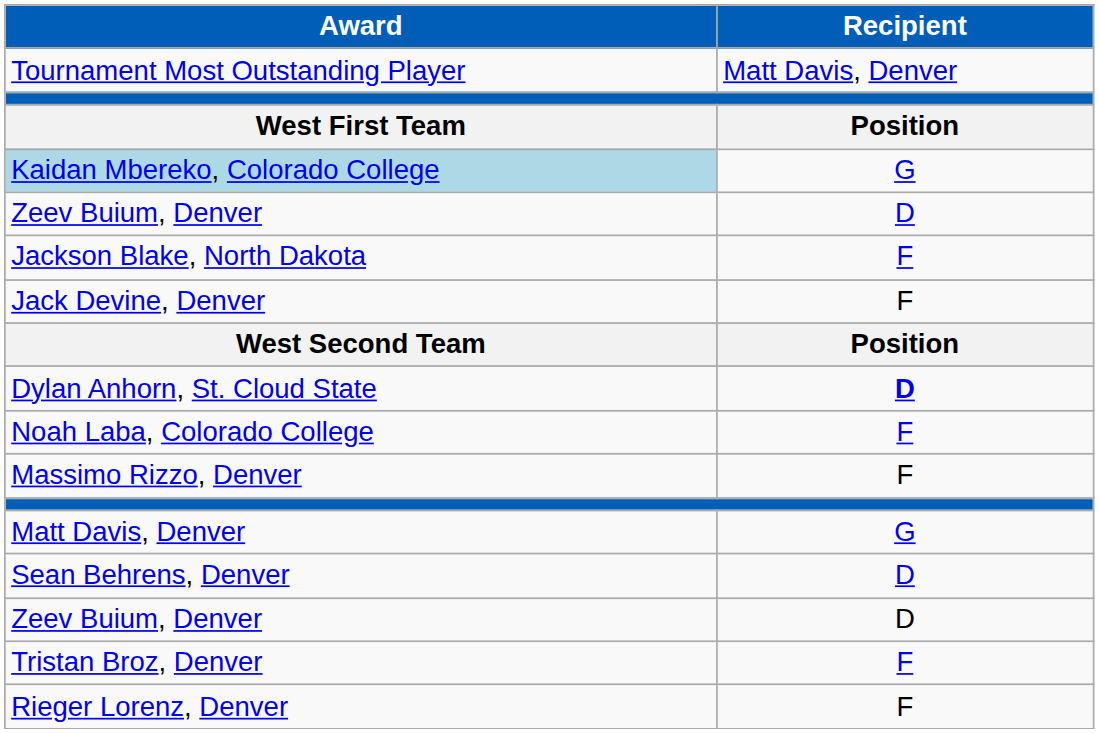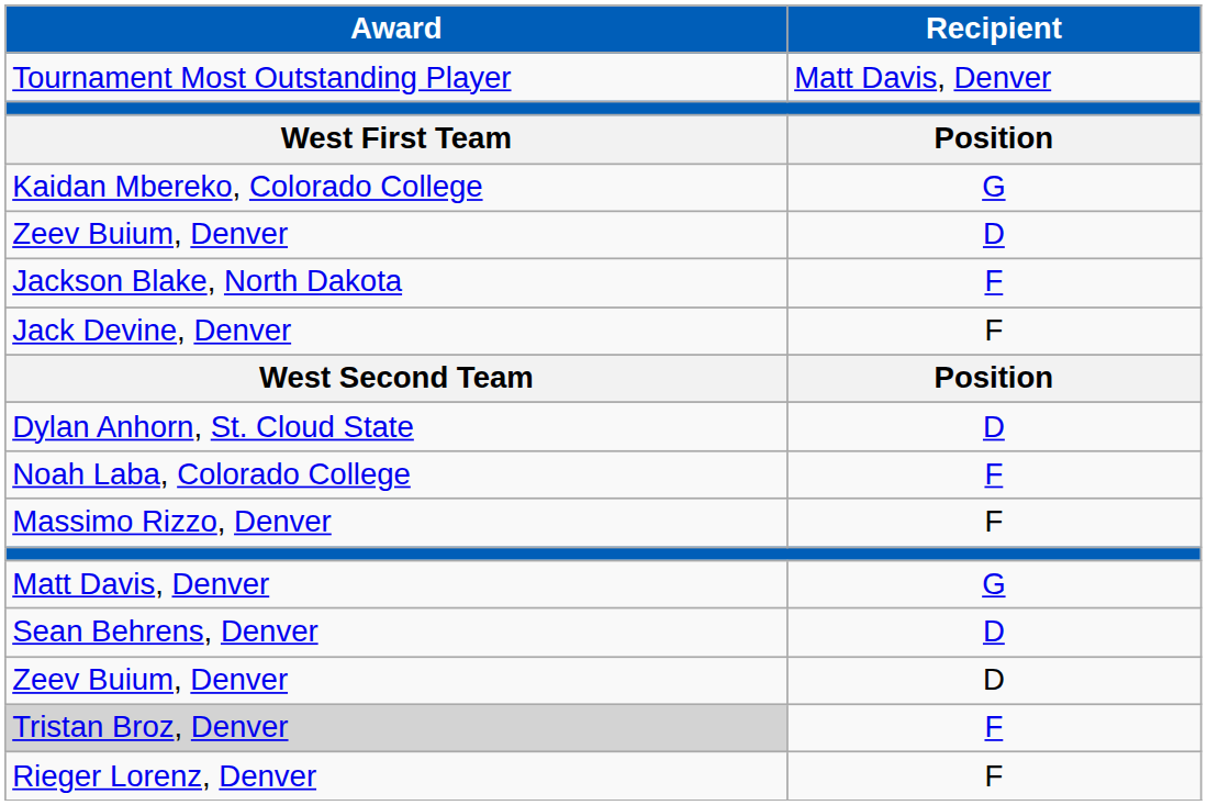 <table class="wikitable" width=40%>
 <tr>
 <th style="color:white; background:#005EB8">Award</th>
 <th style="color:white; background:#005EB8">Recipient</th>
 </tr>
 <tr>
 <td><a href='#'>Tournament Most Outstanding Player</a></td>
 <td><a href='#'>Matt Davis</a>, <a href='#'>Denver</a></td>
 </tr>
 <tr>
 <th style="color:white; background:#005EB8" colspan=3><a href='#'></a></th>
 </tr>
 <tr>
 <th>West First Team</th>
 <th>Position</th>
 </tr>
 <tr>
-<td style="background: lightblue;"><a href='#'>Kaidan Mbereko</a>, <a href='#'>Colorado College</a></td>
+<td><a href='#'>Kaidan Mbereko</a>, <a href='#'>Colorado College</a></td>
 <td align=center><a href='#'>G</a></td>
 </tr>
 <tr>
 <td><a href='#'>Zeev Buium</a>, <a href='#'>Denver</a></td>
 <td align=center><a href='#'>D</a></td>
 </tr>
 <tr>
 <td><a href='#'>Jackson Blake</a>, <a href='#'>North Dakota</a></td>
 <td align=center><a href='#'>F</a></td>
 </tr>
 <tr>
 <td><a href='#'>Jack Devine</a>, <a href='#'>Denver</a></td>
 <td align=center>F</td>
 </tr>
 <tr>
 <th>West Second Team</th>
 <th>Position</th>
 </tr>
 <tr>
 <td><a href='#'>Dylan Anhorn</a>, <a href='#'>St. Cloud State</a></td>
-<td align=center><strong><a href='#'>D</a></strong></td>
+<td align=center><a href='#'>D</a></td>
 </tr>
 <tr>
 <td><a href='#'>Noah Laba</a>, <a href='#'>Colorado College</a></td>
 <td align=center><a href='#'>F</a></td>
 </tr>
 <tr>
 <td><a href='#'>Massimo Rizzo</a>, <a href='#'>Denver</a></td>
 <td align=center>F</td>
 </tr>
 <tr>
 <th style="color:white; background:#005EB8" colspan=3><a href='#'></a></th>
 </tr>
 <tr>
 <td><a href='#'>Matt Davis</a>, <a href='#'>Denver</a></td>
 <td align=center><a href='#'>G</a></td>
 </tr>
 <tr>
 <td><a href='#'>Sean Behrens</a>, <a href='#'>Denver</a></td>
 <td align=center><a href='#'>D</a></td>
 </tr>
 <tr>
 <td><a href='#'>Zeev Buium</a>, <a href='#'>Denver</a></td>
 <td align=center>D</td>
 </tr>
 <tr>
-<td><a href='#'>Tristan Broz</a>, <a href='#'>Denver</a></td>
+<td style="background: lightgrey;"><a href='#'>Tristan Broz</a>, <a href='#'>Denver</a></td>
 <td align=center><a href='#'>F</a></td>
 </tr>
 <tr>
 <td><a href='#'>Rieger Lorenz</a>, <a href='#'>Denver</a></td>
 <td align=center>F</td>
 </tr>
 <tr>
 </tr>
 </table>
